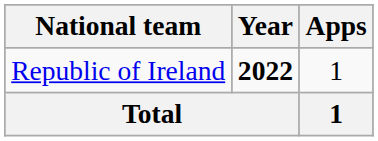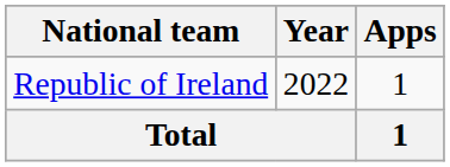 <table class="sortable wikitable" style="text-align:center">
 <tr>
 <th scope="col">National team</th>
 <th scope="col">Year</th>
 <th !scope="col">Apps</th>
 </tr>
 <tr>
 <td rowspan="1"><a href='#'>Republic of Ireland</a></td>
-<td scope="row"><strong>2022</strong></td>
+<td scope="row">2022</td>
 <td>1</td>
 </tr>
 <tr>
 <th colspan="2">Total</th>
 <th>1</th>
 </tr>
 </table>
